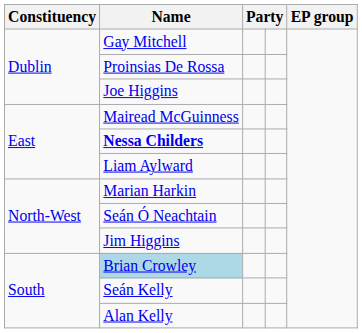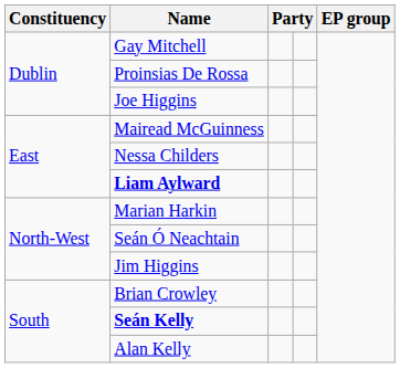 <table class=wikitable>
 <tr>
 <th>Constituency</th>
 <th>Name</th>
 <th colspan=2>Party</th>
 <th colspan=2>EP group</th>
 </tr>
 <tr>
 <td rowspan=3><a href='#'>Dublin</a></td>
 <td><a href='#'>Gay Mitchell</a></td>
 <td></td>
 <td></td>
 </tr>
 <tr>
 <td><a href='#'>Proinsias De Rossa</a></td>
 <td></td>
 <td></td>
 </tr>
 <tr>
 <td><a href='#'>Joe Higgins</a></td>
 <td></td>
 <td></td>
 </tr>
 <tr>
 <td rowspan=3><a href='#'>East</a></td>
 <td><a href='#'>Mairead McGuinness</a></td>
 <td></td>
 <td></td>
 </tr>
 <tr>
-<td><strong><a href='#'>Nessa Childers</a></strong></td>
+<td><a href='#'>Nessa Childers</a></td>
 <td></td>
 <td></td>
 </tr>
 <tr>
-<td><a href='#'>Liam Aylward</a></td>
+<td><strong><a href='#'>Liam Aylward</a></strong></td>
 <td></td>
 <td></td>
 </tr>
 <tr>
 <td rowspan=3><a href='#'>North-West</a></td>
 <td><a href='#'>Marian Harkin</a></td>
 <td></td>
 <td></td>
 </tr>
 <tr>
 <td><a href='#'>Seán Ó Neachtain</a></td>
 <td></td>
 <td></td>
 </tr>
 <tr>
 <td><a href='#'>Jim Higgins</a></td>
 <td></td>
 <td></td>
 </tr>
 <tr>
 <td rowspan=3><a href='#'>South</a></td>
-<td style="background: lightblue;"><a href='#'>Brian Crowley</a></td>
+<td><a href='#'>Brian Crowley</a></td>
 <td></td>
 <td></td>
 </tr>
 <tr>
-<td><a href='#'>Seán Kelly</a></td>
+<td><strong><a href='#'>Seán Kelly</a></strong></td>
 <td></td>
 <td></td>
 </tr>
 <tr>
 <td><a href='#'>Alan Kelly</a></td>
 <td></td>
 <td></td>
 </tr>
 </table>
